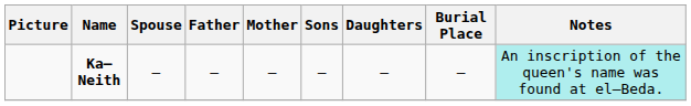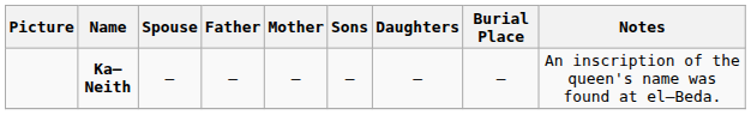 <table width=100% class="wikitable" style="text-align:center;">
 <tr>
 <th>Picture</th>
 <th>Name</th>
 <th>Spouse</th>
 <th>Father</th>
 <th>Mother</th>
 <th>Sons</th>
 <th>Daughters</th>
 <th>Burial Place</th>
 <th>Notes</th>
 </tr>
 <tr>
 <td></td>
 <td><strong>Ka–Neith</strong></td>
 <td>–</td>
 <td>–</td>
 <td>–</td>
 <td>–</td>
 <td>–</td>
 <td>–</td>
-<td style="background: paleturquoise;">An inscription of the queen's name was found at el–Beda.</td>
+<td>An inscription of the queen's name was found at el–Beda.</td>
 </tr>
 <tr>
 </tr>
 </table>
